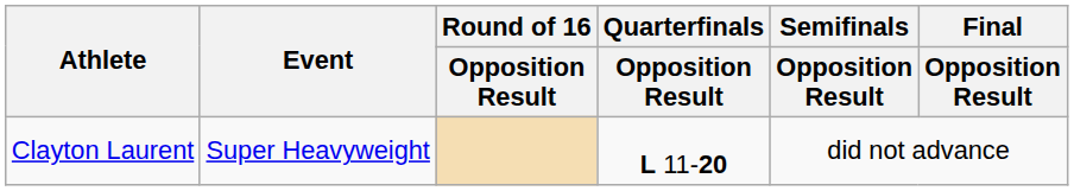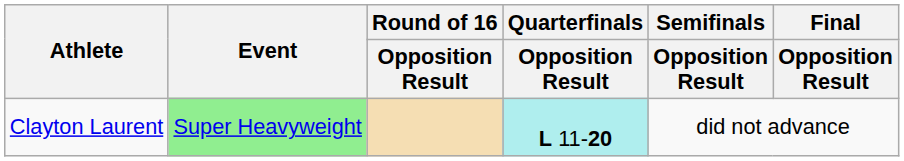 <table class="wikitable" border="1" style="font-size:90%">
 <tr>
 <th rowspan=2>Athlete</th>
 <th rowspan=2>Event</th>
 <th>Round of 16</th>
 <th>Quarterfinals</th>
 <th>Semifinals</th>
 <th>Final</th>
 </tr>
 <tr>
 <th>Opposition<br>Result</th>
 <th>Opposition<br>Result</th>
 <th>Opposition<br>Result</th>
 <th>Opposition<br>Result</th>
 </tr>
 <tr>
 <td><a href='#'>Clayton Laurent</a></td>
-<td><a href='#'>Super Heavyweight</a></td>
+<td style="background: lightgreen;"><a href='#'>Super Heavyweight</a></td>
 <td bgcolor=wheat></td>
-<td align=center><br><strong>L</strong> 11-<strong>20</strong></td>
+<td align=center style="background: paleturquoise;"><br><strong>L</strong> 11-<strong>20</strong></td>
 <td align=center colspan="7">did not advance</td>
 </tr>
 </table>
